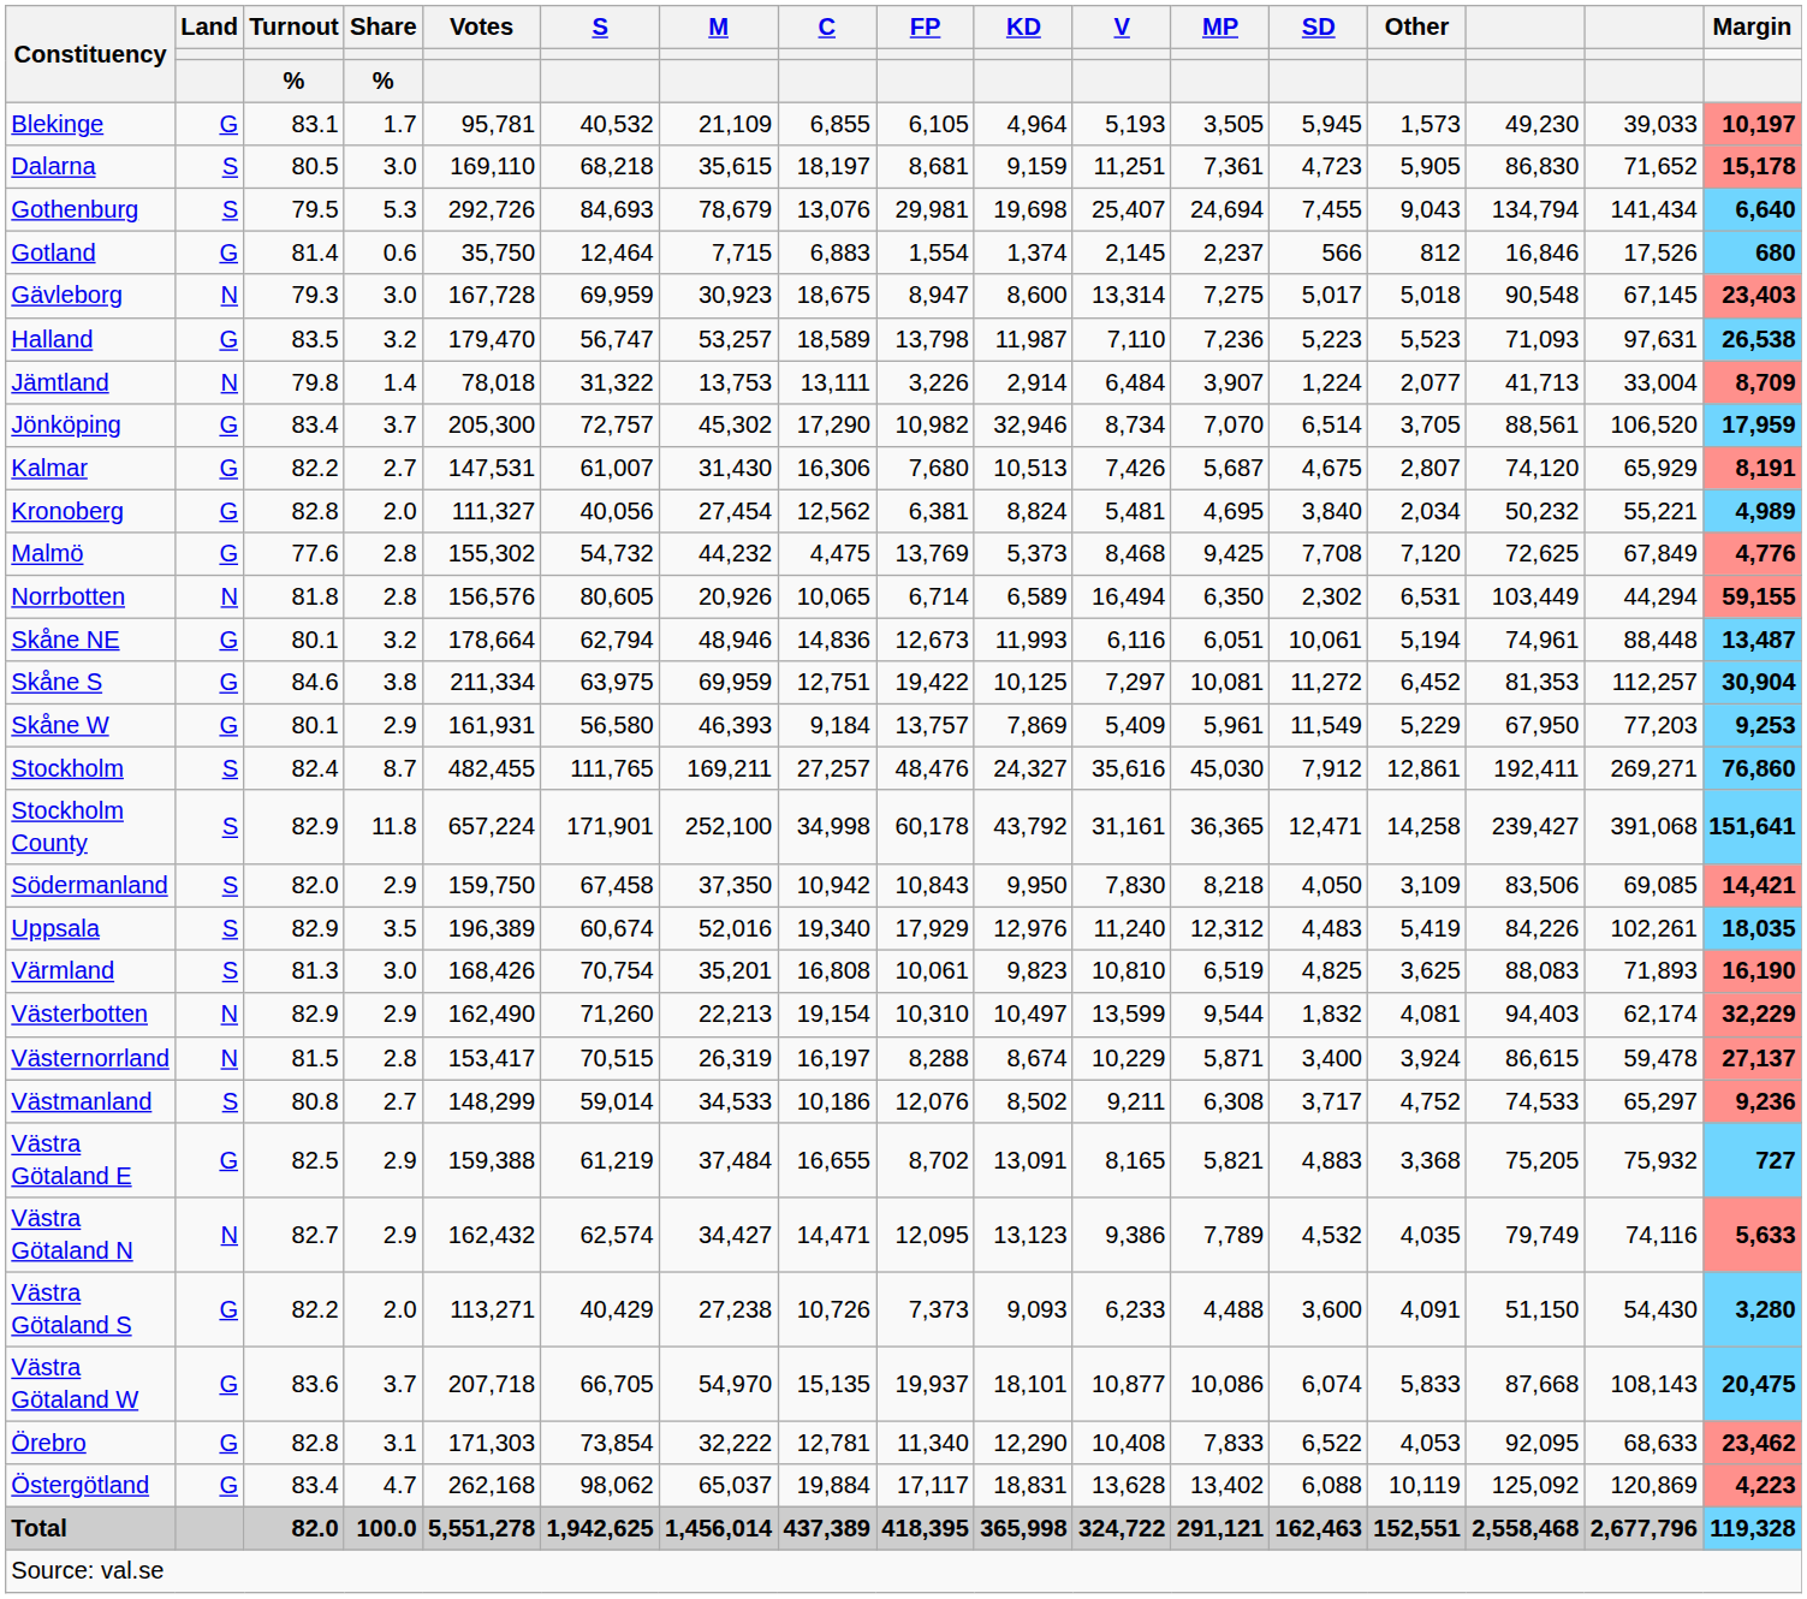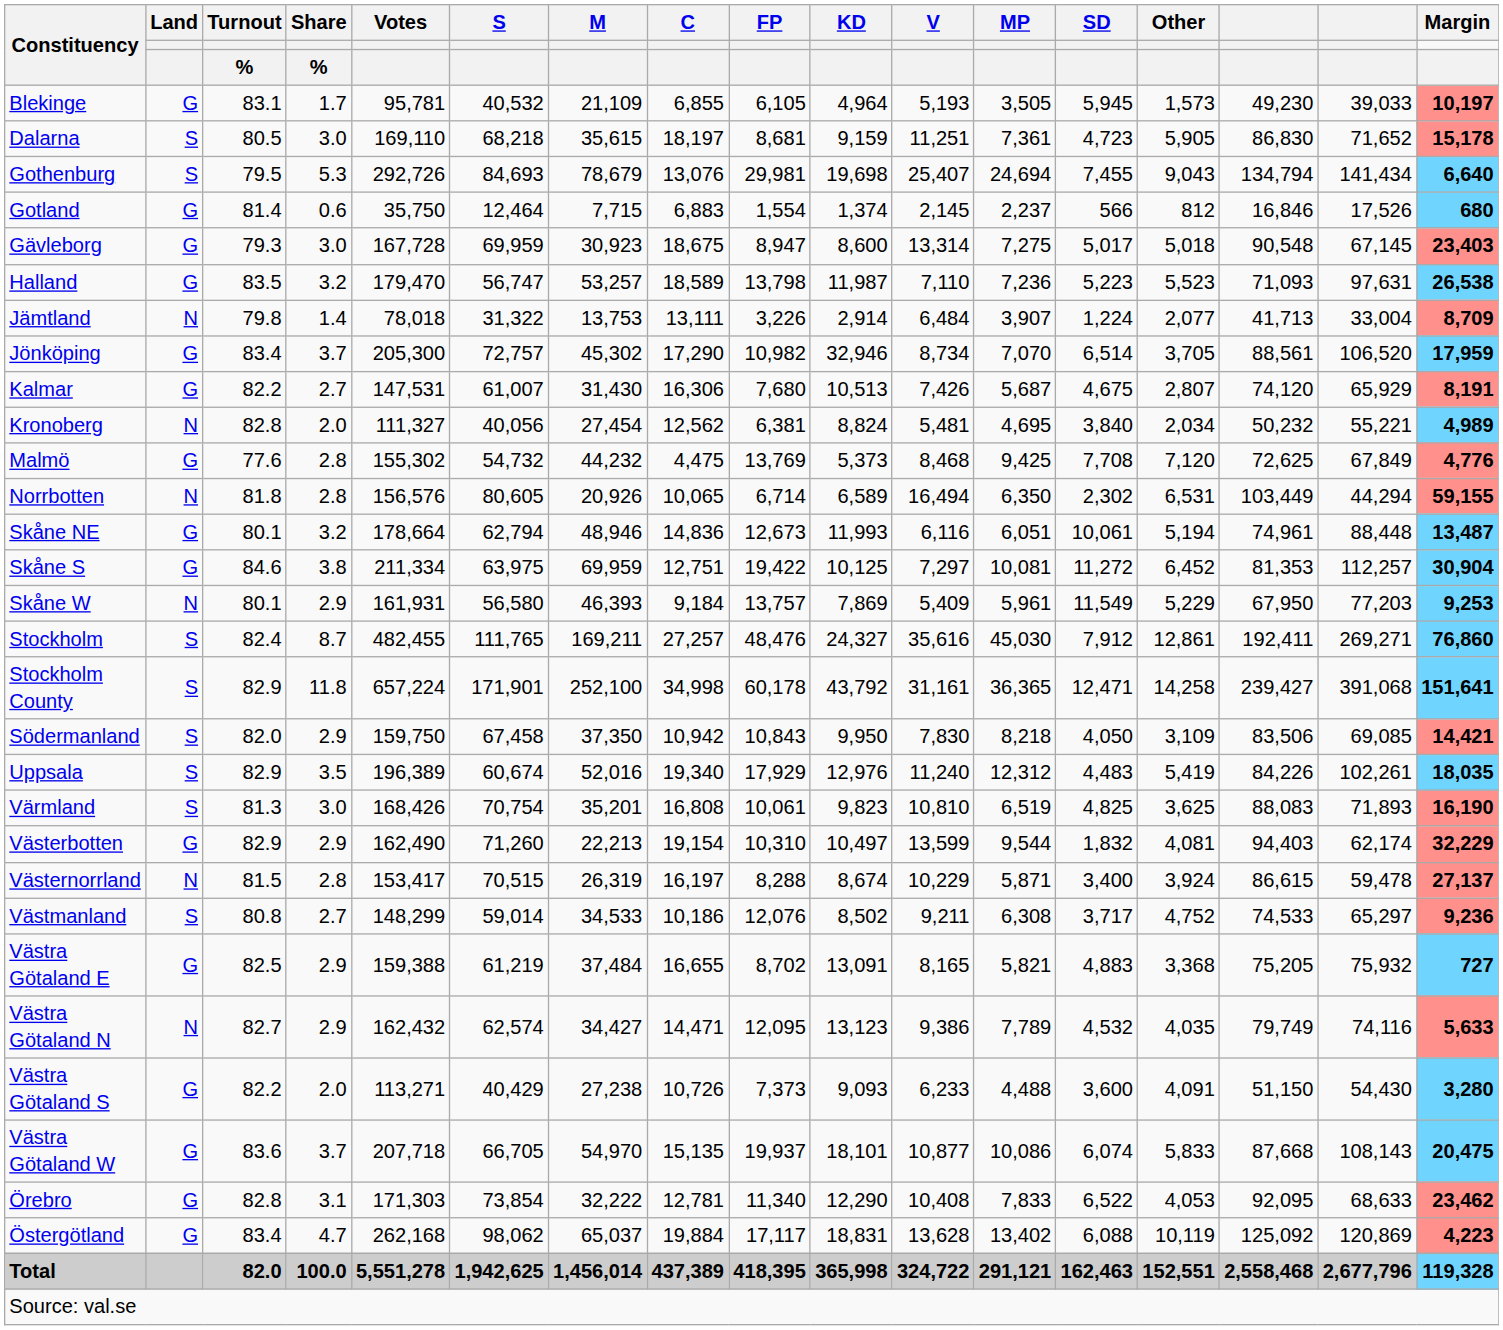 <table class="wikitable sortable" style="text-align:right; font-size:95%; line-height:20px;">
 <tr>
 <th rowspan="3">Constituency</th>
 <th>Land</th>
 <th>Turnout</th>
 <th>Share</th>
 <th>Votes</th>
 <th width="30px" class="unsortable"><a href='#'>S</a></th>
 <th width="30px" class="unsortable"><a href='#'>M</a></th>
 <th width="30px" class="unsortable"><a href='#'>C</a></th>
 <th width="30px" class="unsortable"><a href='#'>FP</a></th>
 <th width="30px" class="unsortable"><a href='#'>KD</a></th>
 <th width="30px" class="unsortable"><a href='#'>V</a></th>
 <th width="30px" class="unsortable"><a href='#'>MP</a></th>
 <th width="30px" class="unsortable"><a href='#'>SD</a></th>
 <th width="30px" class="unsortable">Other</th>
 <th></th>
 <th></th>
 <th>Margin</th>
 </tr>
 <tr>
 <th></th>
 <th></th>
 <th></th>
 <th></th>
 <th style="background:"></th>
 <th style="background:"></th>
 <th style="background:"></th>
 <th style="background:"></th>
 <th style="background:"></th>
 <th style="background:"></th>
 <th style="background:"></th>
 <th style="background:"></th>
 <th style="background:"></th>
 <th style="background:"></th>
 <th style="background:"></th>
 </tr>
 <tr>
 <th></th>
 <th data-sort-type="number">%</th>
 <th data-sort-type="number">%</th>
 <th></th>
 <th data-sort-type="number"></th>
 <th data-sort-type="number"></th>
 <th data-sort-type="number"></th>
 <th data-sort-type="number"></th>
 <th data-sort-type="number"></th>
 <th data-sort-type="number"></th>
 <th data-sort-type="number"></th>
 <th data-sort-type="number"></th>
 <th data-sort-type="number"></th>
 <th data-sort-type="number"></th>
 <th data-sort-type="number"></th>
 <th data-sort-type="number"></th>
 </tr>
 <tr>
 <td align=left><a href='#'>Blekinge</a></td>
 <td><a href='#'>G</a></td>
 <td>83.1</td>
 <td>1.7</td>
 <td>95,781</td>
 <td>40,532</td>
 <td>21,109</td>
 <td>6,855</td>
 <td>6,105</td>
 <td>4,964</td>
 <td>5,193</td>
 <td>3,505</td>
 <td>5,945</td>
 <td>1,573</td>
 <td>49,230</td>
 <td>39,033</td>
 <td bgcolor=#ff908c><strong>10,197</strong></td>
 </tr>
 <tr>
 <td align=left><a href='#'>Dalarna</a></td>
 <td><a href='#'>S</a></td>
 <td>80.5</td>
 <td>3.0</td>
 <td>169,110</td>
 <td>68,218</td>
 <td>35,615</td>
 <td>18,197</td>
 <td>8,681</td>
 <td>9,159</td>
 <td>11,251</td>
 <td>7,361</td>
 <td>4,723</td>
 <td>5,905</td>
 <td>86,830</td>
 <td>71,652</td>
 <td bgcolor=#ff908c><strong>15,178</strong></td>
 </tr>
 <tr>
 <td align=left><a href='#'>Gothenburg</a></td>
 <td><a href='#'>S</a></td>
 <td>79.5</td>
 <td>5.3</td>
 <td>292,726</td>
 <td>84,693</td>
 <td>78,679</td>
 <td>13,076</td>
 <td>29,981</td>
 <td>19,698</td>
 <td>25,407</td>
 <td>24,694</td>
 <td>7,455</td>
 <td>9,043</td>
 <td>134,794</td>
 <td>141,434</td>
 <td bgcolor=#6fd5fe><strong>6,640</strong></td>
 </tr>
 <tr>
 <td align=left><a href='#'>Gotland</a></td>
 <td><a href='#'>G</a></td>
 <td>81.4</td>
 <td>0.6</td>
 <td>35,750</td>
 <td>12,464</td>
 <td>7,715</td>
 <td>6,883</td>
 <td>1,554</td>
 <td>1,374</td>
 <td>2,145</td>
 <td>2,237</td>
 <td>566</td>
 <td>812</td>
 <td>16,846</td>
 <td>17,526</td>
 <td bgcolor=#6fd5fe><strong>680</strong></td>
 </tr>
 <tr>
 <td align=left><a href='#'>Gävleborg</a></td>
-<td><a href='#'>N</a></td>
+<td><a href='#'>G</a></td>
 <td>79.3</td>
 <td>3.0</td>
 <td>167,728</td>
 <td>69,959</td>
 <td>30,923</td>
 <td>18,675</td>
 <td>8,947</td>
 <td>8,600</td>
 <td>13,314</td>
 <td>7,275</td>
 <td>5,017</td>
 <td>5,018</td>
 <td>90,548</td>
 <td>67,145</td>
 <td bgcolor=#ff908c><strong>23,403</strong></td>
 </tr>
 <tr>
 <td align=left><a href='#'>Halland</a></td>
 <td><a href='#'>G</a></td>
 <td>83.5</td>
 <td>3.2</td>
 <td>179,470</td>
 <td>56,747</td>
 <td>53,257</td>
 <td>18,589</td>
 <td>13,798</td>
 <td>11,987</td>
 <td>7,110</td>
 <td>7,236</td>
 <td>5,223</td>
 <td>5,523</td>
 <td>71,093</td>
 <td>97,631</td>
 <td bgcolor=#6fd5fe><strong>26,538</strong></td>
 </tr>
 <tr>
 <td align=left><a href='#'>Jämtland</a></td>
 <td><a href='#'>N</a></td>
 <td>79.8</td>
 <td>1.4</td>
 <td>78,018</td>
 <td>31,322</td>
 <td>13,753</td>
 <td>13,111</td>
 <td>3,226</td>
 <td>2,914</td>
 <td>6,484</td>
 <td>3,907</td>
 <td>1,224</td>
 <td>2,077</td>
 <td>41,713</td>
 <td>33,004</td>
 <td bgcolor=#ff908c><strong>8,709</strong></td>
 </tr>
 <tr>
 <td align=left><a href='#'>Jönköping</a></td>
 <td><a href='#'>G</a></td>
 <td>83.4</td>
 <td>3.7</td>
 <td>205,300</td>
 <td>72,757</td>
 <td>45,302</td>
 <td>17,290</td>
 <td>10,982</td>
 <td>32,946</td>
 <td>8,734</td>
 <td>7,070</td>
 <td>6,514</td>
 <td>3,705</td>
 <td>88,561</td>
 <td>106,520</td>
 <td bgcolor=#6fd5fe><strong>17,959</strong></td>
 </tr>
 <tr>
 <td align=left><a href='#'>Kalmar</a></td>
 <td><a href='#'>G</a></td>
 <td>82.2</td>
 <td>2.7</td>
 <td>147,531</td>
 <td>61,007</td>
 <td>31,430</td>
 <td>16,306</td>
 <td>7,680</td>
 <td>10,513</td>
 <td>7,426</td>
 <td>5,687</td>
 <td>4,675</td>
 <td>2,807</td>
 <td>74,120</td>
 <td>65,929</td>
 <td bgcolor=#ff908c><strong>8,191</strong></td>
 </tr>
 <tr>
 <td align=left><a href='#'>Kronoberg</a></td>
-<td><a href='#'>G</a></td>
+<td><a href='#'>N</a></td>
 <td>82.8</td>
 <td>2.0</td>
 <td>111,327</td>
 <td>40,056</td>
 <td>27,454</td>
 <td>12,562</td>
 <td>6,381</td>
 <td>8,824</td>
 <td>5,481</td>
 <td>4,695</td>
 <td>3,840</td>
 <td>2,034</td>
 <td>50,232</td>
 <td>55,221</td>
 <td bgcolor=#6fd5fe><strong>4,989</strong></td>
 </tr>
 <tr>
 <td align=left><a href='#'>Malmö</a></td>
 <td><a href='#'>G</a></td>
 <td>77.6</td>
 <td>2.8</td>
 <td>155,302</td>
 <td>54,732</td>
 <td>44,232</td>
 <td>4,475</td>
 <td>13,769</td>
 <td>5,373</td>
 <td>8,468</td>
 <td>9,425</td>
 <td>7,708</td>
 <td>7,120</td>
 <td>72,625</td>
 <td>67,849</td>
 <td bgcolor=#ff908c><strong>4,776</strong></td>
 </tr>
 <tr>
 <td align=left><a href='#'>Norrbotten</a></td>
 <td><a href='#'>N</a></td>
 <td>81.8</td>
 <td>2.8</td>
 <td>156,576</td>
 <td>80,605</td>
 <td>20,926</td>
 <td>10,065</td>
 <td>6,714</td>
 <td>6,589</td>
 <td>16,494</td>
 <td>6,350</td>
 <td>2,302</td>
 <td>6,531</td>
 <td>103,449</td>
 <td>44,294</td>
 <td bgcolor=#ff908c><strong>59,155</strong></td>
 </tr>
 <tr>
 <td align=left><a href='#'>Skåne NE</a></td>
 <td><a href='#'>G</a></td>
 <td>80.1</td>
 <td>3.2</td>
 <td>178,664</td>
 <td>62,794</td>
 <td>48,946</td>
 <td>14,836</td>
 <td>12,673</td>
 <td>11,993</td>
 <td>6,116</td>
 <td>6,051</td>
 <td>10,061</td>
 <td>5,194</td>
 <td>74,961</td>
 <td>88,448</td>
 <td bgcolor=#6fd5fe><strong>13,487</strong></td>
 </tr>
 <tr>
 <td align=left><a href='#'>Skåne S</a></td>
 <td><a href='#'>G</a></td>
 <td>84.6</td>
 <td>3.8</td>
 <td>211,334</td>
 <td>63,975</td>
 <td>69,959</td>
 <td>12,751</td>
 <td>19,422</td>
 <td>10,125</td>
 <td>7,297</td>
 <td>10,081</td>
 <td>11,272</td>
 <td>6,452</td>
 <td>81,353</td>
 <td>112,257</td>
 <td bgcolor=#6fd5fe><strong>30,904</strong></td>
 </tr>
 <tr>
 <td align=left><a href='#'>Skåne W</a></td>
-<td><a href='#'>G</a></td>
+<td><a href='#'>N</a></td>
 <td>80.1</td>
 <td>2.9</td>
 <td>161,931</td>
 <td>56,580</td>
 <td>46,393</td>
 <td>9,184</td>
 <td>13,757</td>
 <td>7,869</td>
 <td>5,409</td>
 <td>5,961</td>
 <td>11,549</td>
 <td>5,229</td>
 <td>67,950</td>
 <td>77,203</td>
 <td bgcolor=#6fd5fe><strong>9,253</strong></td>
 </tr>
 <tr>
 <td align=left><a href='#'>Stockholm</a></td>
 <td><a href='#'>S</a></td>
 <td>82.4</td>
 <td>8.7</td>
 <td>482,455</td>
 <td>111,765</td>
 <td>169,211</td>
 <td>27,257</td>
 <td>48,476</td>
 <td>24,327</td>
 <td>35,616</td>
 <td>45,030</td>
 <td>7,912</td>
 <td>12,861</td>
 <td>192,411</td>
 <td>269,271</td>
 <td bgcolor=#6fd5fe><strong>76,860</strong></td>
 </tr>
 <tr>
 <td align=left><a href='#'>Stockholm County</a></td>
 <td><a href='#'>S</a></td>
 <td>82.9</td>
 <td>11.8</td>
 <td>657,224</td>
 <td>171,901</td>
 <td>252,100</td>
 <td>34,998</td>
 <td>60,178</td>
 <td>43,792</td>
 <td>31,161</td>
 <td>36,365</td>
 <td>12,471</td>
 <td>14,258</td>
 <td>239,427</td>
 <td>391,068</td>
 <td bgcolor=#6fd5fe><strong>151,641</strong></td>
 </tr>
 <tr>
 <td align=left><a href='#'>Södermanland</a></td>
 <td><a href='#'>S</a></td>
 <td>82.0</td>
 <td>2.9</td>
 <td>159,750</td>
 <td>67,458</td>
 <td>37,350</td>
 <td>10,942</td>
 <td>10,843</td>
 <td>9,950</td>
 <td>7,830</td>
 <td>8,218</td>
 <td>4,050</td>
 <td>3,109</td>
 <td>83,506</td>
 <td>69,085</td>
 <td bgcolor=#ff908c><strong>14,421</strong></td>
 </tr>
 <tr>
 <td align=left><a href='#'>Uppsala</a></td>
 <td><a href='#'>S</a></td>
 <td>82.9</td>
 <td>3.5</td>
 <td>196,389</td>
 <td>60,674</td>
 <td>52,016</td>
 <td>19,340</td>
 <td>17,929</td>
 <td>12,976</td>
 <td>11,240</td>
 <td>12,312</td>
 <td>4,483</td>
 <td>5,419</td>
 <td>84,226</td>
 <td>102,261</td>
 <td bgcolor=#6fd5fe><strong>18,035</strong></td>
 </tr>
 <tr>
 <td align=left><a href='#'>Värmland</a></td>
 <td><a href='#'>S</a></td>
 <td>81.3</td>
 <td>3.0</td>
 <td>168,426</td>
 <td>70,754</td>
 <td>35,201</td>
 <td>16,808</td>
 <td>10,061</td>
 <td>9,823</td>
 <td>10,810</td>
 <td>6,519</td>
 <td>4,825</td>
 <td>3,625</td>
 <td>88,083</td>
 <td>71,893</td>
 <td bgcolor=#ff908c><strong>16,190</strong></td>
 </tr>
 <tr>
 <td align=left><a href='#'>Västerbotten</a></td>
-<td><a href='#'>N</a></td>
+<td><a href='#'>G</a></td>
 <td>82.9</td>
 <td>2.9</td>
 <td>162,490</td>
 <td>71,260</td>
 <td>22,213</td>
 <td>19,154</td>
 <td>10,310</td>
 <td>10,497</td>
 <td>13,599</td>
 <td>9,544</td>
 <td>1,832</td>
 <td>4,081</td>
 <td>94,403</td>
 <td>62,174</td>
 <td bgcolor=#ff908c><strong>32,229</strong></td>
 </tr>
 <tr>
 <td align=left><a href='#'>Västernorrland</a></td>
 <td><a href='#'>N</a></td>
 <td>81.5</td>
 <td>2.8</td>
 <td>153,417</td>
 <td>70,515</td>
 <td>26,319</td>
 <td>16,197</td>
 <td>8,288</td>
 <td>8,674</td>
 <td>10,229</td>
 <td>5,871</td>
 <td>3,400</td>
 <td>3,924</td>
 <td>86,615</td>
 <td>59,478</td>
 <td bgcolor=#ff908c><strong>27,137</strong></td>
 </tr>
 <tr>
 <td align=left><a href='#'>Västmanland</a></td>
 <td><a href='#'>S</a></td>
 <td>80.8</td>
 <td>2.7</td>
 <td>148,299</td>
 <td>59,014</td>
 <td>34,533</td>
 <td>10,186</td>
 <td>12,076</td>
 <td>8,502</td>
 <td>9,211</td>
 <td>6,308</td>
 <td>3,717</td>
 <td>4,752</td>
 <td>74,533</td>
 <td>65,297</td>
 <td bgcolor=#ff908c><strong>9,236</strong></td>
 </tr>
 <tr>
 <td align=left><a href='#'>Västra Götaland E</a></td>
 <td><a href='#'>G</a></td>
 <td>82.5</td>
 <td>2.9</td>
 <td>159,388</td>
 <td>61,219</td>
 <td>37,484</td>
 <td>16,655</td>
 <td>8,702</td>
 <td>13,091</td>
 <td>8,165</td>
 <td>5,821</td>
 <td>4,883</td>
 <td>3,368</td>
 <td>75,205</td>
 <td>75,932</td>
 <td bgcolor=#6fd5fe><strong>727</strong></td>
 </tr>
 <tr>
 <td align=left><a href='#'>Västra Götaland N</a></td>
 <td><a href='#'>N</a></td>
 <td>82.7</td>
 <td>2.9</td>
 <td>162,432</td>
 <td>62,574</td>
 <td>34,427</td>
 <td>14,471</td>
 <td>12,095</td>
 <td>13,123</td>
 <td>9,386</td>
 <td>7,789</td>
 <td>4,532</td>
 <td>4,035</td>
 <td>79,749</td>
 <td>74,116</td>
 <td bgcolor=#ff908c><strong>5,633</strong></td>
 </tr>
 <tr>
 <td align=left><a href='#'>Västra Götaland S</a></td>
 <td><a href='#'>G</a></td>
 <td>82.2</td>
 <td>2.0</td>
 <td>113,271</td>
 <td>40,429</td>
 <td>27,238</td>
 <td>10,726</td>
 <td>7,373</td>
 <td>9,093</td>
 <td>6,233</td>
 <td>4,488</td>
 <td>3,600</td>
 <td>4,091</td>
 <td>51,150</td>
 <td>54,430</td>
 <td bgcolor=#6fd5fe><strong>3,280</strong></td>
 </tr>
 <tr>
 <td align=left><a href='#'>Västra Götaland W</a></td>
 <td><a href='#'>G</a></td>
 <td>83.6</td>
 <td>3.7</td>
 <td>207,718</td>
 <td>66,705</td>
 <td>54,970</td>
 <td>15,135</td>
 <td>19,937</td>
 <td>18,101</td>
 <td>10,877</td>
 <td>10,086</td>
 <td>6,074</td>
 <td>5,833</td>
 <td>87,668</td>
 <td>108,143</td>
 <td bgcolor=#6fd5fe><strong>20,475</strong></td>
 </tr>
 <tr>
 <td align=left><a href='#'>Örebro</a></td>
 <td><a href='#'>G</a></td>
 <td>82.8</td>
 <td>3.1</td>
 <td>171,303</td>
 <td>73,854</td>
 <td>32,222</td>
 <td>12,781</td>
 <td>11,340</td>
 <td>12,290</td>
 <td>10,408</td>
 <td>7,833</td>
 <td>6,522</td>
 <td>4,053</td>
 <td>92,095</td>
 <td>68,633</td>
 <td bgcolor=#ff908c><strong>23,462</strong></td>
 </tr>
 <tr>
 <td align=left><a href='#'>Östergötland</a></td>
 <td><a href='#'>G</a></td>
 <td>83.4</td>
 <td>4.7</td>
 <td>262,168</td>
 <td>98,062</td>
 <td>65,037</td>
 <td>19,884</td>
 <td>17,117</td>
 <td>18,831</td>
 <td>13,628</td>
 <td>13,402</td>
 <td>6,088</td>
 <td>10,119</td>
 <td>125,092</td>
 <td>120,869</td>
 <td bgcolor=#ff908c><strong>4,223</strong></td>
 </tr>
 <tr>
 </tr>
 <tr style="background:#CDCDCD;">
 <td align=left><strong>Total</strong></td>
 <td></td>
 <td><strong>82.0</strong></td>
 <td><strong>100.0</strong></td>
 <td><strong>5,551,278</strong></td>
 <td><strong>1,942,625</strong></td>
 <td><strong>1,456,014</strong></td>
 <td><strong>437,389</strong></td>
 <td><strong>418,395</strong></td>
 <td><strong>365,998</strong></td>
 <td><strong>324,722</strong></td>
 <td><strong>291,121</strong></td>
 <td><strong>162,463</strong></td>
 <td><strong>152,551</strong></td>
 <td><strong>2,558,468</strong></td>
 <td><strong>2,677,796</strong></td>
 <td bgcolor=#6fd5fe><strong>119,328</strong></td>
 </tr>
 <tr>
 <td align=left colspan=17>Source: val.se </td>
 </tr>
 </table>
